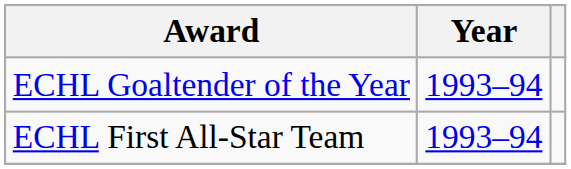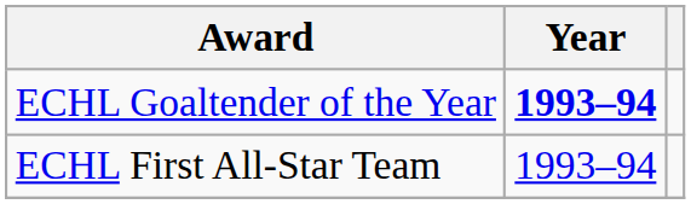 <table class="wikitable">
 <tr>
 <th>Award</th>
 <th>Year</th>
 <th></th>
 </tr>
 <tr>
 <td><a href='#'>ECHL Goaltender of the Year</a></td>
-<td><a href='#'>1993–94</a></td>
+<td><strong><a href='#'>1993–94</a></strong></td>
 <td></td>
 </tr>
 <tr>
 <td><a href='#'>ECHL</a> First All-Star Team</td>
 <td><a href='#'>1993–94</a></td>
 <td></td>
 </tr>
 <tr>
 </tr>
 </table>
